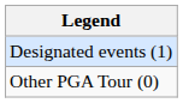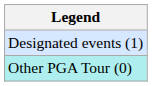 <table class="wikitable" style="font-size:95%;">
 <tr>
 <th>Legend</th>
 </tr>
 <tr style="background:#D6E8FF;">
 <td>Designated events (1)</td>
 </tr>
 <tr>
-<td>Other PGA Tour (0)</td>
+<td style="background: paleturquoise;">Other PGA Tour (0)</td>
 </tr>
 </table>
